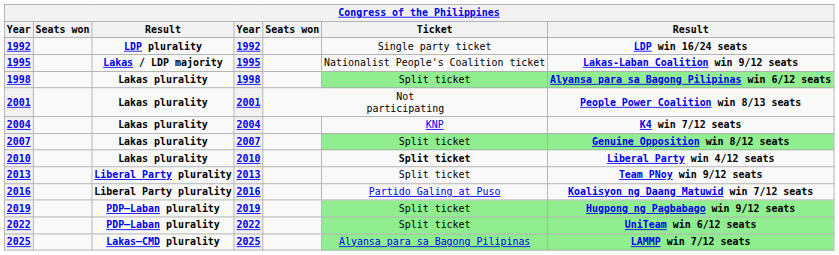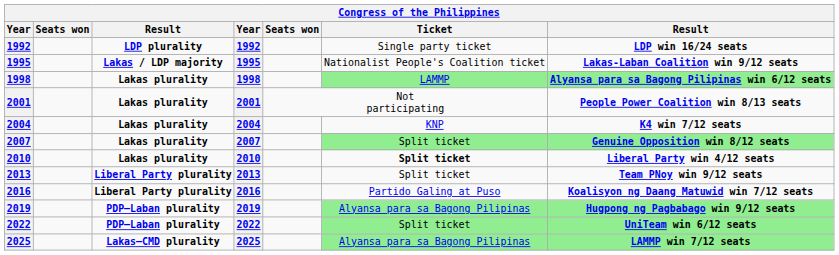 <table class="wikitable" style="text-align:center; font-size:90%">
 <tr>
 <th colspan=7><a href='#'>Congress of the Philippines</a></th>
 </tr>
 <tr>
 <th>Year</th>
 <th>Seats won</th>
 <th>Result</th>
 <th>Year</th>
 <th>Seats won</th>
 <th>Ticket</th>
 <th>Result</th>
 </tr>
 <tr>
 <th><a href='#'>1992</a></th>
 <td></td>
 <td><strong><a href='#'>LDP</a> plurality</strong></td>
 <th><a href='#'>1992</a></th>
 <td></td>
 <td>Single party ticket</td>
 <td><strong><a href='#'>LDP</a> win 16/24 seats</strong></td>
 </tr>
 <tr>
 <th><a href='#'>1995</a></th>
 <td></td>
 <td><strong><a href='#'>Lakas</a> / LDP majority</strong></td>
 <th><a href='#'>1995</a></th>
 <td></td>
 <td>Nationalist People's Coalition ticket</td>
 <td><strong><a href='#'>Lakas-Laban Coalition</a> win 9/12 seats</strong></td>
 </tr>
 <tr>
 <th><a href='#'>1998</a></th>
 <td></td>
 <td><strong>Lakas plurality</strong></td>
 <th><a href='#'>1998</a></th>
 <td></td>
-<td style="background:#90EE90;">Split ticket</td>
+<td style="background:#90EE90;"><a href='#'>LAMMP</a></td>
 <td style="background:#90EE90;"><strong><a href='#'>Alyansa para sa Bagong Pilipinas</a> win 6/12 seats</strong></td>
 </tr>
 <tr>
 <th><a href='#'>2001</a></th>
 <td></td>
 <td><strong>Lakas plurality</strong></td>
 <th><a href='#'>2001</a></th>
 <td colspan=2>Not<br>participating</td>
 <td><strong><a href='#'>People Power Coalition</a> win 8/13 seats</strong></td>
 </tr>
 <tr>
 <th><a href='#'>2004</a></th>
 <td></td>
 <td><strong>Lakas plurality</strong></td>
 <th><a href='#'>2004</a></th>
 <td></td>
 <td><a href='#'>KNP</a></td>
 <td><strong><a href='#'>K4</a> win 7/12 seats</strong></td>
 </tr>
 <tr>
 <th><a href='#'>2007</a></th>
 <td></td>
 <td><strong>Lakas plurality</strong></td>
 <th><a href='#'>2007</a></th>
 <td></td>
 <td style="background:#90EE90;">Split ticket</td>
 <td style="background:#90EE90;"><strong><a href='#'>Genuine Opposition</a> win 8/12 seats</strong></td>
 </tr>
 <tr>
 <th><a href='#'>2010</a></th>
 <td></td>
 <td><strong>Lakas plurality</strong></td>
 <th><a href='#'>2010</a></th>
 <td></td>
 <td><strong>Split ticket</strong></td>
 <td><strong><a href='#'>Liberal Party</a> win 4/12 seats</strong></td>
 </tr>
 <tr>
 <th><a href='#'>2013</a></th>
 <td></td>
 <td><strong><a href='#'>Liberal Party</a> plurality</strong></td>
 <th><a href='#'>2013</a></th>
 <td></td>
 <td>Split ticket</td>
 <td><strong><a href='#'>Team PNoy</a> win 9/12 seats</strong></td>
 </tr>
 <tr>
 <th><a href='#'>2016</a></th>
 <td></td>
 <td><strong>Liberal Party plurality</strong></td>
 <th><a href='#'>2016</a></th>
 <td></td>
 <td><a href='#'>Partido Galing at Puso</a></td>
 <td><strong><a href='#'>Koalisyon ng Daang Matuwid</a> win 7/12 seats</strong></td>
 </tr>
 <tr>
 <th><a href='#'>2019</a></th>
 <td></td>
 <td><strong><a href='#'>PDP–Laban</a> plurality</strong></td>
 <th><a href='#'>2019</a></th>
 <td></td>
-<td style="background:#90EE90;">Split ticket</td>
+<td style="background:#90EE90;"><a href='#'>Alyansa para sa Bagong Pilipinas</a></td>
 <td style="background:#90EE90;"><strong><a href='#'>Hugpong ng Pagbabago</a> win 9/12 seats</strong></td>
 </tr>
 <tr>
 <th><a href='#'>2022</a></th>
 <td></td>
 <td><strong><a href='#'>PDP–Laban</a> plurality</strong></td>
 <th><a href='#'>2022</a></th>
 <td></td>
 <td style="background:#90EE90;">Split ticket</td>
 <td style="background:#90EE90;"><strong><a href='#'>UniTeam</a> win 6/12 seats</strong></td>
 </tr>
 <tr>
 <th><a href='#'>2025</a></th>
 <td></td>
 <td><strong><a href='#'>Lakas–CMD</a> plurality</strong></td>
 <th><a href='#'>2025</a></th>
 <td></td>
 <td style="background:#90EE90;"><a href='#'>Alyansa para sa Bagong Pilipinas</a></td>
 <td style="background:#90EE90;"><strong><a href='#'>LAMMP</a> win 7/12 seats</strong></td>
 </tr>
 </table>
